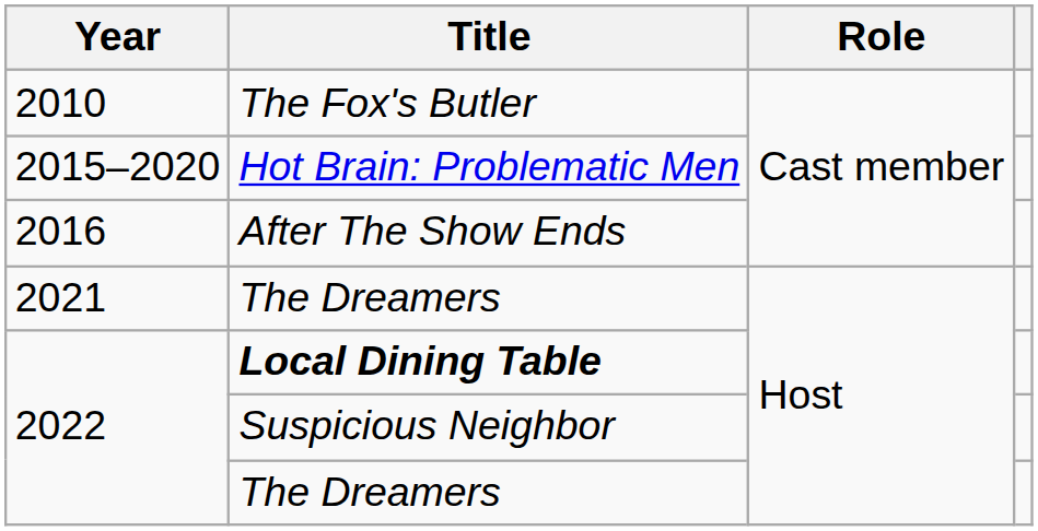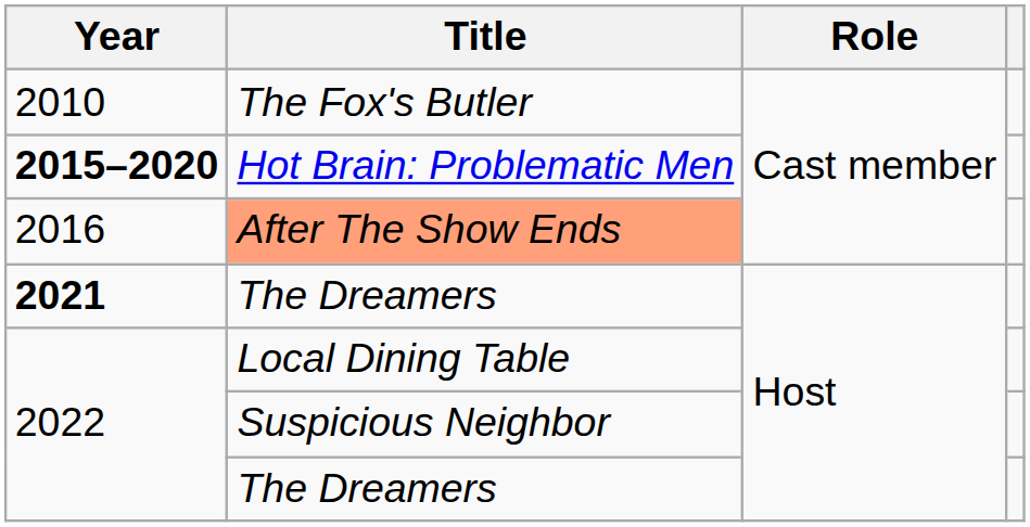 <table class="wikitable sortable">
 <tr>
 <th>Year</th>
 <th>Title</th>
 <th>Role</th>
 <th></th>
 </tr>
 <tr>
 <td>2010</td>
 <td><em>The Fox's Butler</em></td>
 <td rowspan=3>Cast member</td>
 <td></td>
 </tr>
 <tr>
-<td>2015–2020</td>
+<td><strong>2015–2020</strong></td>
 <td><em><a href='#'>Hot Brain: Problematic Men</a></em></td>
 <td></td>
 </tr>
 <tr>
 <td>2016</td>
-<td><em>After The Show Ends</em></td>
+<td style="background: lightsalmon;"><em>After The Show Ends</em></td>
 <td></td>
 </tr>
 <tr>
-<td>2021</td>
+<td><strong>2021</strong></td>
 <td><em>The Dreamers</em></td>
 <td rowspan=4>Host</td>
 <td></td>
 </tr>
 <tr>
 <td rowspan=3>2022</td>
-<td><strong><em>Local Dining Table</em></strong></td>
+<td><em>Local Dining Table</em></td>
 <td></td>
 </tr>
 <tr>
 <td><em>Suspicious Neighbor</em></td>
 <td></td>
 </tr>
 <tr>
 <td><em>The Dreamers</em></td>
 <td></td>
 </tr>
 </table>
